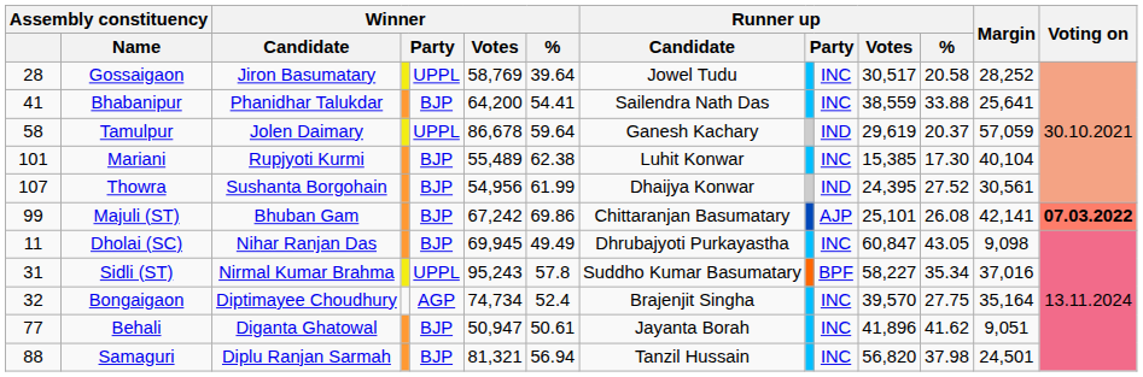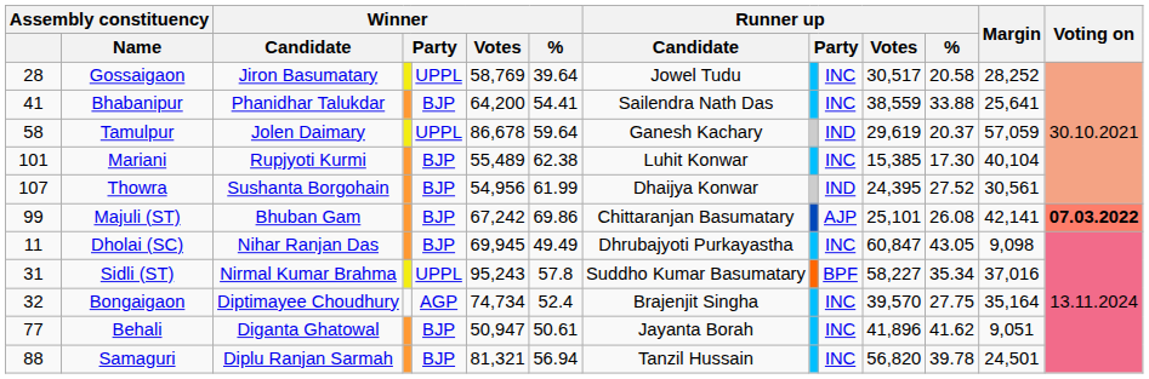 <table class="wikitable sortable" style="text-align:center">
 <tr>
 <th colspan="2">Assembly constituency</th>
 <th colspan="5">Winner</th>
 <th colspan="5">Runner up</th>
 <th rowspan="2" data-sort-type=number>Margin</th>
 <th rowspan="2">Voting on</th>
 </tr>
 <tr>
 <th></th>
 <th>Name</th>
 <th>Candidate</th>
 <th colspan="2">Party</th>
 <th data-sort-type=number>Votes</th>
 <th><strong>%</strong></th>
 <th>Candidate</th>
 <th colspan="2">Party</th>
 <th data-sort-type=number>Votes</th>
 <th><strong>%</strong></th>
 </tr>
 <tr>
 <td>28</td>
 <td><a href='#'>Gossaigaon</a></td>
 <td><a href='#'>Jiron Basumatary</a></td>
 <td bgcolor=#F3ED13></td>
 <td><a href='#'>UPPL</a></td>
 <td>58,769</td>
 <td>39.64</td>
 <td>Jowel Tudu</td>
 <td bgcolor=#00BFFF></td>
 <td><a href='#'>INC</a></td>
 <td>30,517</td>
 <td>20.58</td>
 <td>28,252</td>
 <td Rowspan=5 bgcolor=#f4a384>30.10.2021</td>
 </tr>
 <tr>
 <td>41</td>
 <td><a href='#'>Bhabanipur</a></td>
 <td><a href='#'>Phanidhar Talukdar</a></td>
 <td bgcolor=#FF9933></td>
 <td><a href='#'>BJP</a></td>
 <td>64,200</td>
 <td>54.41</td>
 <td>Sailendra Nath Das</td>
 <td bgcolor=#00BFFF></td>
 <td><a href='#'>INC</a></td>
 <td>38,559</td>
 <td>33.88</td>
 <td>25,641</td>
 </tr>
 <tr>
 <td>58</td>
 <td><a href='#'>Tamulpur</a></td>
 <td><a href='#'>Jolen Daimary</a></td>
 <td bgcolor=#F3ED13></td>
 <td><a href='#'>UPPL</a></td>
 <td>86,678</td>
 <td>59.64</td>
 <td>Ganesh Kachary</td>
 <td bgcolor=#CDCDCD></td>
 <td><a href='#'>IND</a></td>
 <td>29,619</td>
 <td>20.37</td>
 <td>57,059</td>
 </tr>
 <tr>
 <td>101</td>
 <td><a href='#'>Mariani</a></td>
 <td><a href='#'>Rupjyoti Kurmi</a></td>
 <td bgcolor=#FF9933></td>
 <td><a href='#'>BJP</a></td>
 <td>55,489</td>
 <td>62.38</td>
 <td>Luhit Konwar</td>
 <td bgcolor=#00BFFF></td>
 <td><a href='#'>INC</a></td>
 <td>15,385</td>
 <td>17.30</td>
 <td>40,104</td>
 </tr>
 <tr>
 <td>107</td>
 <td><a href='#'>Thowra</a></td>
 <td><a href='#'>Sushanta Borgohain</a></td>
 <td bgcolor=#FF9933></td>
 <td><a href='#'>BJP</a></td>
 <td>54,956</td>
 <td>61.99</td>
 <td>Dhaijya Konwar</td>
 <td bgcolor=#CDCDCD></td>
 <td><a href='#'>IND</a></td>
 <td>24,395</td>
 <td>27.52</td>
 <td>30,561</td>
 </tr>
 <tr>
 <td>99</td>
 <td><a href='#'>Majuli (ST)</a></td>
 <td><a href='#'>Bhuban Gam</a></td>
 <td bgcolor=#FF9933></td>
 <td><a href='#'>BJP</a></td>
 <td>67,242</td>
 <td>69.86</td>
 <td>Chittaranjan Basumatary</td>
 <td bgcolor=#0048BA></td>
 <td><a href='#'>AJP</a></td>
 <td>25,101</td>
 <td>26.08</td>
 <td>42,141</td>
 <td bgcolor=#FE7D6A><strong>07.03.2022</strong></td>
 </tr>
 <tr>
 <td>11</td>
 <td><a href='#'>Dholai (SC)</a></td>
 <td><a href='#'>Nihar Ranjan Das</a></td>
 <td bgcolor=#FF9933></td>
 <td><a href='#'>BJP</a></td>
 <td>69,945</td>
 <td>49.49</td>
 <td>Dhrubajyoti Purkayastha</td>
 <td bgcolor=#00BFFF></td>
 <td><a href='#'>INC</a></td>
 <td>60,847</td>
 <td>43.05</td>
 <td>9,098</td>
 <td Rowspan=5 bgcolor=#F26B8A>13.11.2024</td>
 </tr>
 <tr>
 <td>31</td>
 <td><a href='#'>Sidli (ST)</a></td>
 <td><a href='#'>Nirmal Kumar Brahma</a></td>
 <td bgcolor=#F3ED13></td>
 <td><a href='#'>UPPL</a></td>
 <td>95,243</td>
 <td>57.8</td>
 <td>Suddho Kumar Basumatary</td>
 <td bgcolor=#FF6600></td>
 <td><a href='#'>BPF</a></td>
 <td>58,227</td>
 <td>35.34</td>
 <td>37,016</td>
 </tr>
 <tr>
 <td>32</td>
 <td><a href='#'>Bongaigaon</a></td>
 <td><a href='#'>Diptimayee Choudhury</a></td>
 <td></td>
 <td><a href='#'>AGP</a></td>
 <td>74,734</td>
 <td>52.4</td>
 <td>Brajenjit Singha</td>
 <td bgcolor=#00BFFF></td>
 <td><a href='#'>INC</a></td>
 <td>39,570</td>
 <td>27.75</td>
 <td>35,164</td>
 </tr>
 <tr>
 <td>77</td>
 <td><a href='#'>Behali</a></td>
 <td><a href='#'>Diganta Ghatowal</a></td>
 <td bgcolor=#FF9933></td>
 <td><a href='#'>BJP</a></td>
 <td>50,947</td>
 <td>50.61</td>
 <td>Jayanta Borah</td>
 <td bgcolor=#00BFFF></td>
 <td><a href='#'>INC</a></td>
 <td>41,896</td>
 <td>41.62</td>
 <td>9,051</td>
 </tr>
 <tr>
 <td>88</td>
 <td><a href='#'>Samaguri</a></td>
 <td><a href='#'>Diplu Ranjan Sarmah</a></td>
 <td bgcolor=#FF9933></td>
 <td><a href='#'>BJP</a></td>
 <td>81,321</td>
 <td>56.94</td>
 <td>Tanzil Hussain</td>
 <td bgcolor=#00BFFF></td>
 <td><a href='#'>INC</a></td>
 <td>56,820</td>
-<td>37.98</td>
+<td>39.78</td>
 <td>24,501</td>
 </tr>
 </table>
